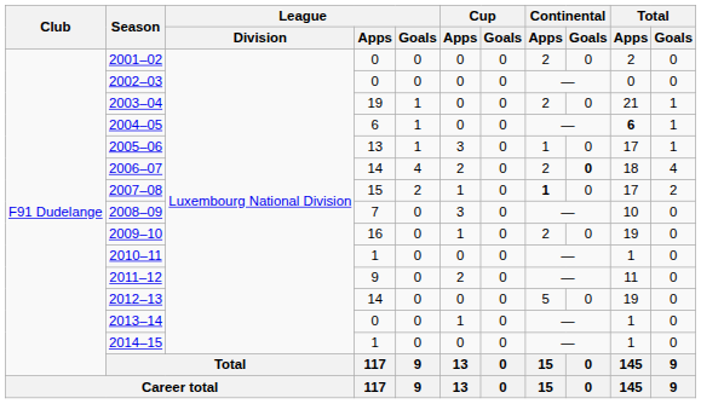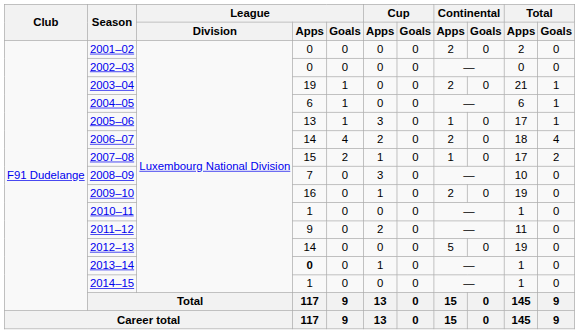 <table class="wikitable" style="text-align:center">
 <tr>
 <th rowspan="2">Club</th>
 <th rowspan="2">Season</th>
 <th colspan="3">League</th>
 <th colspan="2">Cup</th>
 <th colspan="2">Continental</th>
 <th colspan="2">Total</th>
 </tr>
 <tr>
 <th>Division</th>
 <th>Apps</th>
 <th>Goals</th>
 <th>Apps</th>
 <th>Goals</th>
 <th>Apps</th>
 <th>Goals</th>
 <th>Apps</th>
 <th>Goals</th>
 </tr>
 <tr>
 <td rowspan="15"><a href='#'>F91 Dudelange</a></td>
 <td><a href='#'>2001–02</a></td>
 <td rowspan=14><a href='#'>Luxembourg National Division</a></td>
 <td>0</td>
 <td>0</td>
 <td>0</td>
 <td>0</td>
 <td>2</td>
 <td>0</td>
 <td>2</td>
 <td>0</td>
 </tr>
 <tr>
 <td><a href='#'>2002–03</a></td>
 <td>0</td>
 <td>0</td>
 <td>0</td>
 <td>0</td>
 <td colspan="2">—</td>
 <td>0</td>
 <td>0</td>
 </tr>
 <tr>
 <td><a href='#'>2003–04</a></td>
 <td>19</td>
 <td>1</td>
 <td>0</td>
 <td>0</td>
 <td>2</td>
 <td>0</td>
 <td>21</td>
 <td>1</td>
 </tr>
 <tr>
 <td><a href='#'>2004–05</a></td>
 <td>6</td>
 <td>1</td>
 <td>0</td>
 <td>0</td>
 <td colspan="2">—</td>
-<td><strong>6</strong></td>
+<td>6</td>
 <td>1</td>
 </tr>
 <tr>
 <td><a href='#'>2005–06</a></td>
 <td>13</td>
 <td>1</td>
 <td>3</td>
 <td>0</td>
 <td>1</td>
 <td>0</td>
 <td>17</td>
 <td>1</td>
 </tr>
 <tr>
 <td><a href='#'>2006–07</a></td>
 <td>14</td>
 <td>4</td>
 <td>2</td>
 <td>0</td>
 <td>2</td>
-<td><strong>0</strong></td>
+<td>0</td>
 <td>18</td>
 <td>4</td>
 </tr>
 <tr>
 <td><a href='#'>2007–08</a></td>
 <td>15</td>
 <td>2</td>
 <td>1</td>
 <td>0</td>
-<td><strong>1</strong></td>
+<td>1</td>
 <td>0</td>
 <td>17</td>
 <td>2</td>
 </tr>
 <tr>
 <td><a href='#'>2008–09</a></td>
 <td>7</td>
 <td>0</td>
 <td>3</td>
 <td>0</td>
 <td colspan="2">—</td>
 <td>10</td>
 <td>0</td>
 </tr>
 <tr>
 <td><a href='#'>2009–10</a></td>
 <td>16</td>
 <td>0</td>
 <td>1</td>
 <td>0</td>
 <td>2</td>
 <td>0</td>
 <td>19</td>
 <td>0</td>
 </tr>
 <tr>
 <td><a href='#'>2010–11</a></td>
 <td>1</td>
 <td>0</td>
 <td>0</td>
 <td>0</td>
 <td colspan="2">—</td>
 <td>1</td>
 <td>0</td>
 </tr>
 <tr>
 <td><a href='#'>2011–12</a></td>
 <td>9</td>
 <td>0</td>
 <td>2</td>
 <td>0</td>
 <td colspan="2">—</td>
 <td>11</td>
 <td>0</td>
 </tr>
 <tr>
 <td><a href='#'>2012–13</a></td>
 <td>14</td>
 <td>0</td>
 <td>0</td>
 <td>0</td>
 <td>5</td>
 <td>0</td>
 <td>19</td>
 <td>0</td>
 </tr>
 <tr>
 <td><a href='#'>2013–14</a></td>
-<td>0</td>
+<td><strong>0</strong></td>
 <td>0</td>
 <td>1</td>
 <td>0</td>
 <td colspan="2">—</td>
 <td>1</td>
 <td>0</td>
 </tr>
 <tr>
 <td><a href='#'>2014–15</a></td>
 <td>1</td>
 <td>0</td>
 <td>0</td>
 <td>0</td>
 <td colspan="2">—</td>
 <td>1</td>
 <td>0</td>
 </tr>
 <tr>
 <th colspan="2">Total</th>
 <th>117</th>
 <th>9</th>
 <th>13</th>
 <th>0</th>
 <th>15</th>
 <th>0</th>
 <th>145</th>
 <th>9</th>
 </tr>
 <tr>
 <th colspan="3">Career total</th>
 <th>117</th>
 <th>9</th>
 <th>13</th>
 <th>0</th>
 <th>15</th>
 <th>0</th>
 <th>145</th>
 <th>9</th>
 </tr>
 </table>
